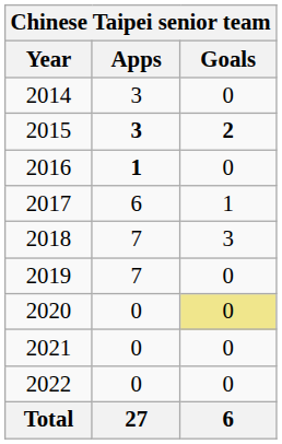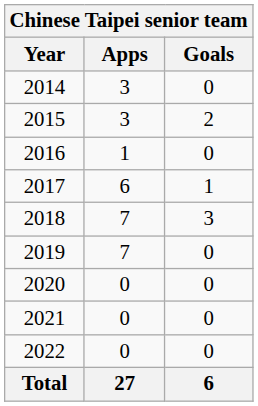 <table class="wikitable" style="text-align:center">
 <tr>
 <th colspan="4">Chinese Taipei senior team</th>
 </tr>
 <tr>
 <th>Year</th>
 <th>Apps</th>
 <th>Goals</th>
 </tr>
 <tr>
 <td>2014</td>
 <td>3</td>
 <td>0</td>
 </tr>
 <tr>
 <td>2015</td>
-<td><strong>3</strong></td>
-<td><strong>2</strong></td>
+<td>3</td>
+<td>2</td>
 </tr>
 <tr>
 <td>2016</td>
-<td><strong>1</strong></td>
+<td>1</td>
 <td>0</td>
 </tr>
 <tr>
 <td>2017</td>
 <td>6</td>
 <td>1</td>
 </tr>
 <tr>
 <td>2018</td>
 <td>7</td>
 <td>3</td>
 </tr>
 <tr>
 <td>2019</td>
 <td>7</td>
 <td>0</td>
 </tr>
 <tr>
 <td>2020</td>
 <td>0</td>
-<td style="background: khaki;">0</td>
+<td>0</td>
 </tr>
 <tr>
 <td>2021</td>
 <td>0</td>
 <td>0</td>
 </tr>
 <tr>
 <td>2022</td>
 <td>0</td>
 <td>0</td>
 </tr>
 <tr>
 <th>Total</th>
 <th>27</th>
 <th>6</th>
 </tr>
 </table>
